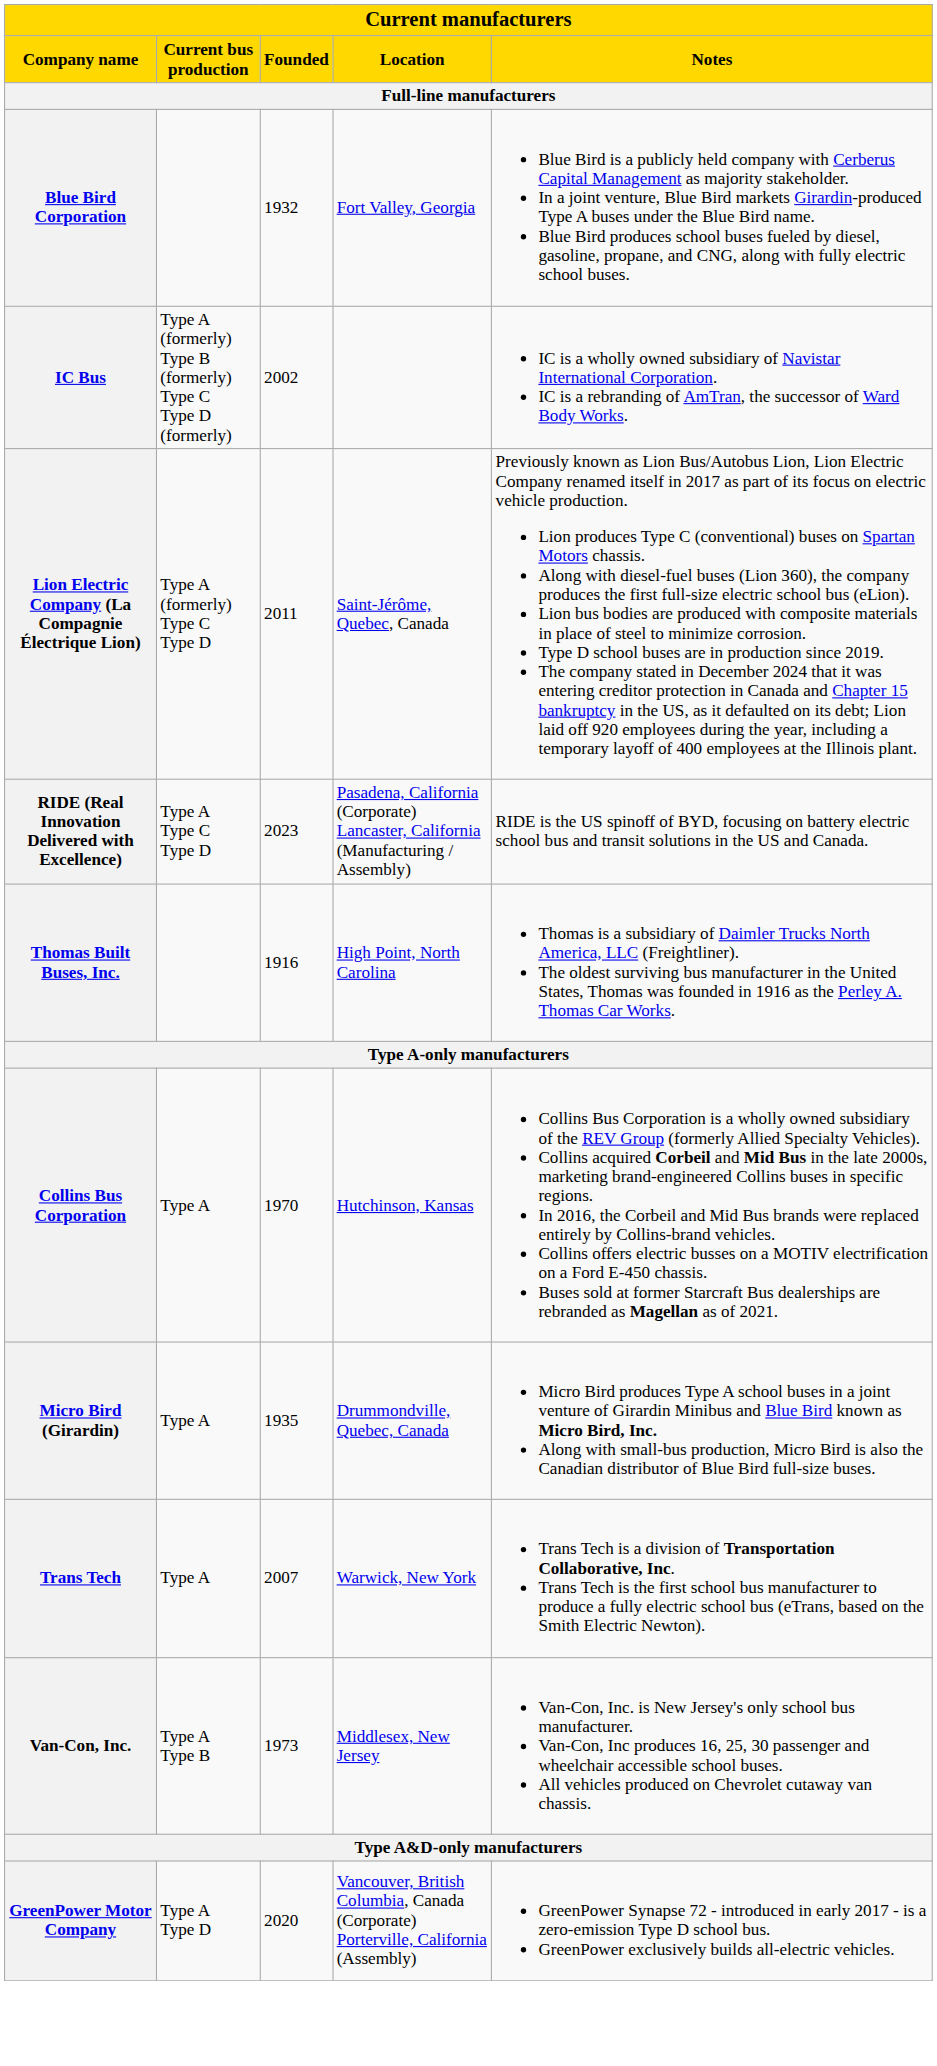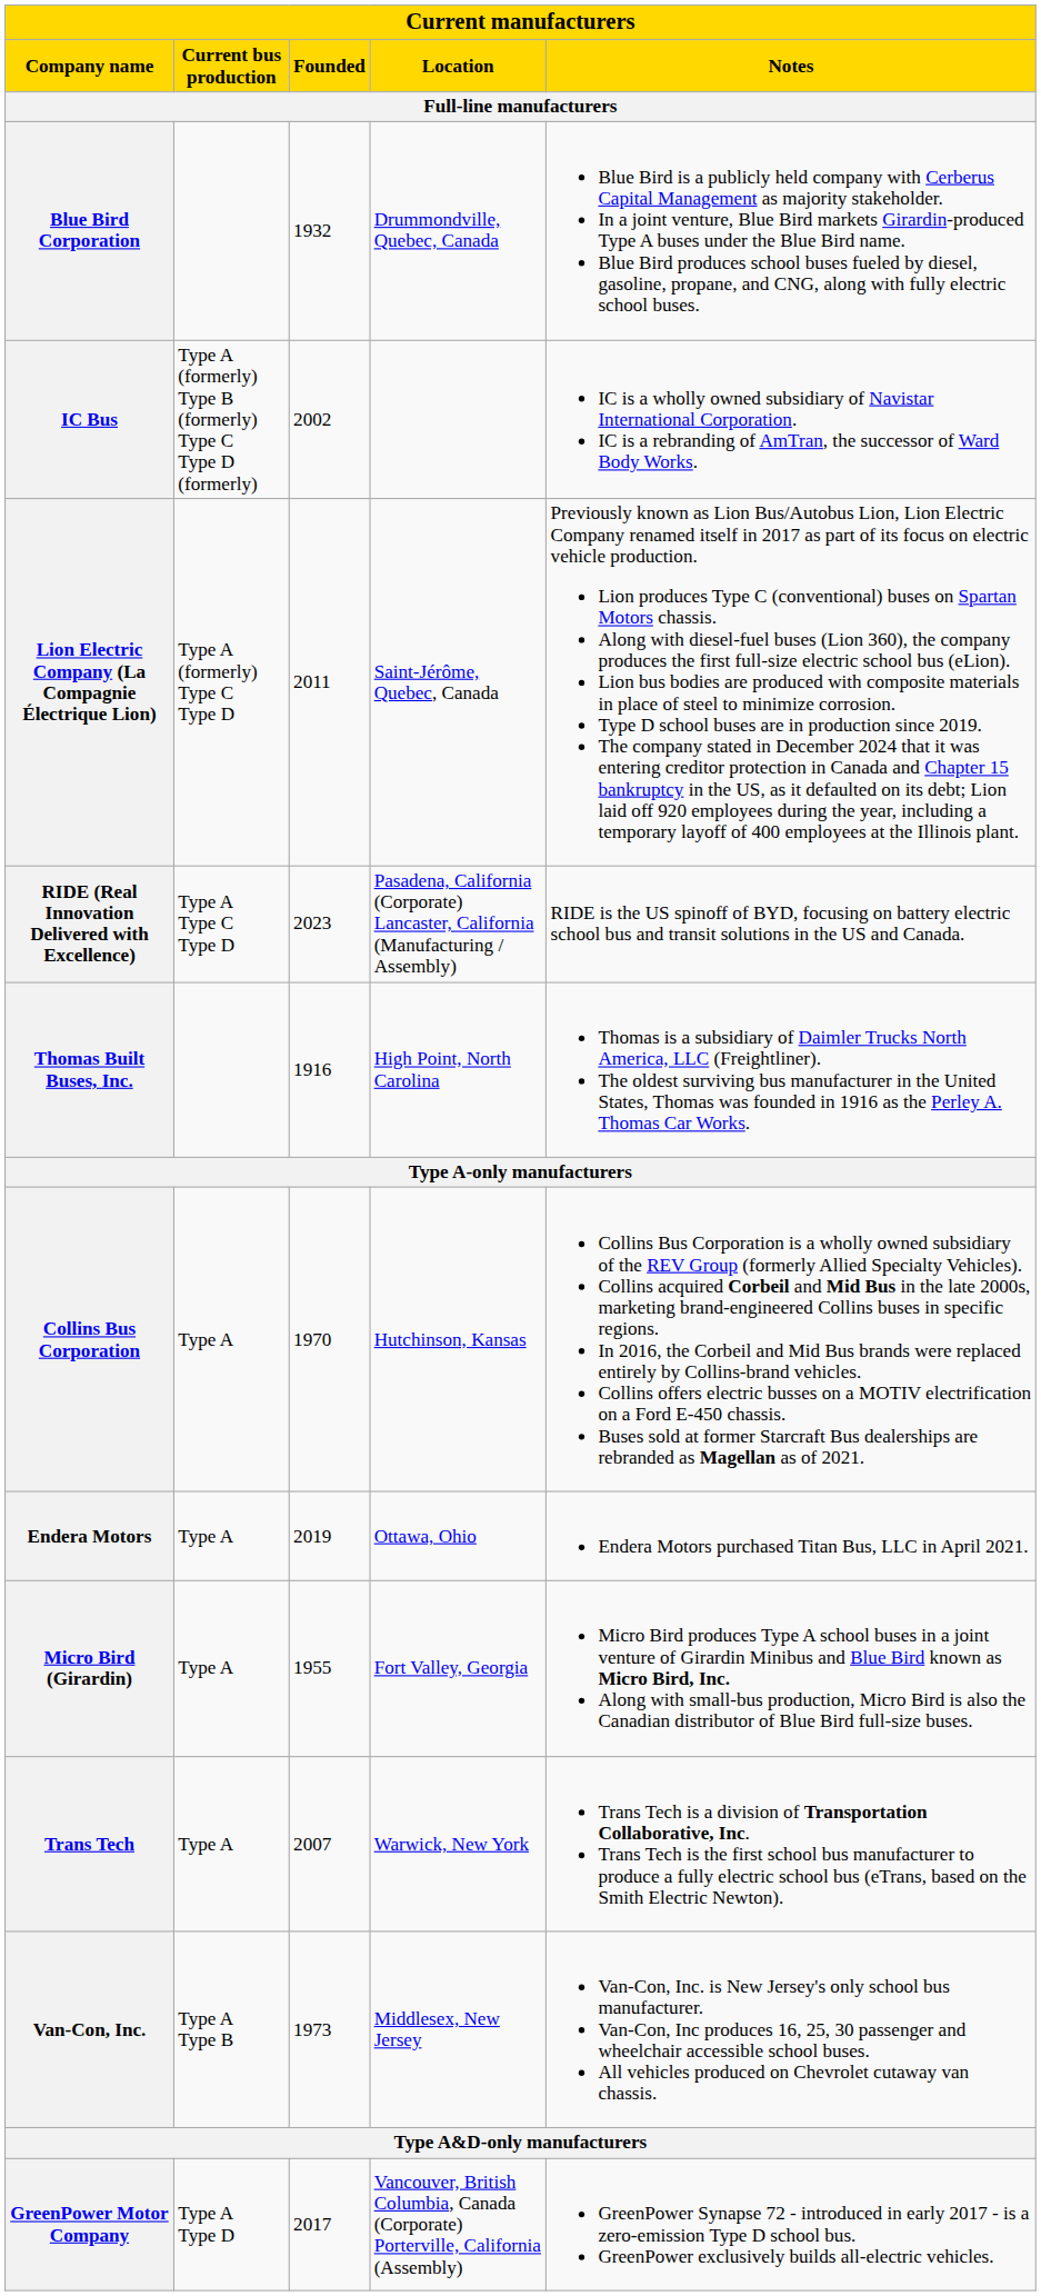 <table class="wikitable collapsible">
 <tr>
 <th colspan=5; style="background:#FFD800; color:black"><big>Current manufacturers</big></th>
 </tr>
 <tr>
 <th style="background:#FFD800; color:black">Company name</th>
 <th style="background:#FFD800; color:black">Current bus production</th>
 <th style="background:#FFD800; color:black">Founded</th>
 <th style="background:#FFD800; color:black">Location</th>
 <th style="background:#FFD800; color:black">Notes</th>
 </tr>
 <tr>
 <th colspan=5>Full-line manufacturers</th>
 </tr>
 <tr>
 <th><a href='#'>Blue Bird Corporation</a></th>
 <td><br></td>
 <td>1932</td>
-<td><a href='#'>Fort Valley, Georgia</a></td>
+<td><a href='#'>Drummondville, Quebec, Canada</a></td>
 <td><br><ul><li>Blue Bird is a publicly held company with <a href='#'>Cerberus Capital Management</a> as majority stakeholder.</li><li>In a joint venture, Blue Bird markets <a href='#'>Girardin</a>-produced Type A buses under the Blue Bird name.</li><li>Blue Bird produces school buses fueled by diesel, gasoline, propane, and CNG, along with fully electric school buses.</li></ul></td>
 </tr>
 <tr>
 <th><a href='#'>IC Bus</a></th>
 <td>Type A (formerly)<br>Type B (formerly)<br>Type C<br>Type D (formerly)</td>
 <td>2002</td>
 <td><br></td>
 <td><br><ul><li>IC is a wholly owned subsidiary of <a href='#'>Navistar International Corporation</a>.</li><li>IC is a rebranding of <a href='#'>AmTran</a>, the successor of <a href='#'>Ward Body Works</a>.</li></ul></td>
 </tr>
 <tr>
 <th><a href='#'>Lion Electric Company</a> (<strong>La Compagnie Électrique Lion</strong>)</th>
 <td>Type A (formerly)<br>Type C<br>Type D</td>
 <td>2011</td>
 <td><a href='#'>Saint-Jérôme, Quebec</a>, Canada</td>
 <td>Previously known as Lion Bus/Autobus Lion, Lion Electric Company renamed itself in 2017 as part of its focus on electric vehicle production.<br><ul><li>Lion produces Type C (conventional) buses on <a href='#'>Spartan Motors</a> chassis.</li><li>Along with diesel-fuel buses (Lion 360), the company produces the first full-size electric school bus (eLion).</li><li>Lion bus bodies are produced with composite materials in place of steel to minimize corrosion.</li><li>Type D school buses are in production since 2019.</li><li>The company stated in December 2024 that it was entering creditor protection in Canada and <a href='#'>Chapter 15 bankruptcy</a> in the US, as it defaulted on its debt; Lion laid off 920 employees during the year, including a temporary layoff of 400 employees at the Illinois plant. </li></ul></td>
 </tr>
 <tr>
 <th>RIDE (Real Innovation Delivered with Excellence)</th>
 <td>Type A<br>Type C<br>Type D</td>
 <td>2023</td>
 <td><a href='#'>Pasadena, California</a> (Corporate)<br><a href='#'>Lancaster, California</a> (Manufacturing / Assembly)</td>
 <td>RIDE is the US spinoff of BYD, focusing on battery electric school bus and transit solutions in the US and Canada.</td>
 </tr>
 <tr>
 <th><a href='#'>Thomas Built Buses, Inc.</a></th>
 <td><br></td>
 <td>1916</td>
 <td><a href='#'>High Point, North Carolina</a></td>
 <td><br><ul><li>Thomas is a subsidiary of <a href='#'>Daimler Trucks North America, LLC</a> (Freightliner).</li><li>The oldest surviving bus manufacturer in the United States, Thomas was founded in 1916 as the <a href='#'>Perley A. Thomas Car Works</a>.</li></ul></td>
 </tr>
 <tr>
 <th colspan=5>Type A-only manufacturers</th>
 </tr>
 <tr>
 <th><a href='#'>Collins Bus Corporation</a></th>
 <td>Type A</td>
 <td>1970</td>
 <td><a href='#'>Hutchinson, Kansas</a></td>
 <td><br><ul><li>Collins Bus Corporation is a wholly owned subsidiary of the <a href='#'>REV Group</a> (formerly Allied Specialty Vehicles).</li><li>Collins acquired <strong>Corbeil</strong> and <strong>Mid Bus</strong> in the late 2000s, marketing brand-engineered Collins buses in specific regions.</li><li>In 2016, the Corbeil and Mid Bus brands were replaced entirely by Collins-brand vehicles.</li><li>Collins offers electric busses on a MOTIV electrification on a Ford E-450 chassis.</li><li>Buses sold at former Starcraft Bus dealerships are rebranded as <strong>Magellan</strong> as of 2021.</li></ul></td>
 </tr>
 <tr>
+<th>Endera Motors</th>
+<td>Type A</td>
+<td>2019</td>
+<td><a href='#'>Ottawa, Ohio</a></td>
+<td><br><ul><li>Endera Motors purchased Titan Bus, LLC in April 2021.</li></ul></td>
+</tr>
+<tr>
 <th><a href='#'>Micro Bird</a> (Girardin)</th>
 <td>Type A</td>
-<td>1935</td>
-<td><a href='#'>Drummondville, Quebec, Canada</a></td>
+<td>1955</td>
+<td><a href='#'>Fort Valley, Georgia</a></td>
 <td><br><ul><li>Micro Bird produces Type A school buses in a joint venture of Girardin Minibus and <a href='#'>Blue Bird</a> known as <strong>Micro Bird, Inc.</strong></li><li>Along with small-bus production, Micro Bird is also the Canadian distributor of Blue Bird full-size buses.</li></ul></td>
 </tr>
 <tr>
 <th><a href='#'>Trans Tech</a></th>
 <td>Type A</td>
 <td>2007</td>
 <td><a href='#'>Warwick, New York</a></td>
 <td><br><ul><li>Trans Tech is a division of <strong>Transportation Collaborative, Inc</strong>.</li><li>Trans Tech is the first school bus manufacturer to produce a fully electric school bus (eTrans, based on the Smith Electric Newton).</li></ul></td>
 </tr>
 <tr>
 <th>Van-Con, Inc.</th>
 <td>Type A<br>Type B</td>
 <td>1973</td>
 <td><a href='#'>Middlesex, New Jersey</a></td>
 <td><br><ul><li>Van-Con, Inc. is New Jersey's only school bus manufacturer.</li><li>Van-Con, Inc produces 16, 25, 30 passenger and wheelchair accessible school buses.</li><li>All vehicles produced on Chevrolet cutaway van chassis.</li></ul></td>
 </tr>
 <tr>
 <th colspan="5">Type A&D-only manufacturers</th>
 </tr>
 <tr>
 <th><a href='#'>GreenPower Motor Company</a></th>
 <td>Type A<br>Type D</td>
-<td>2020</td>
+<td>2017</td>
 <td><a href='#'>Vancouver, British Columbia</a>, Canada (Corporate)<br><a href='#'>Porterville, California</a> (Assembly)</td>
 <td><br><ul><li>GreenPower Synapse 72 - introduced in early 2017 - is a zero-emission Type D school bus.</li><li>GreenPower exclusively builds all-electric vehicles.</li></ul></td>
 </tr>
 </table>
